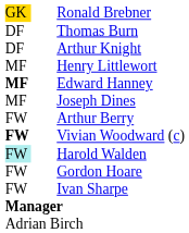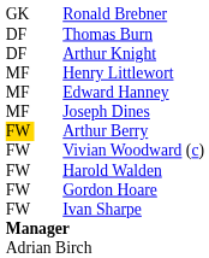 <table style="font-size:90%; margin:0.2em auto;" cellspacing="0" cellpadding="0">
 <tr>
 <th width="25"></th>
 <th width="25"></th>
 </tr>
 <tr>
-<td style="background: gold;">GK</td>
+<td>GK</td>
 <td></td>
 <td><a href='#'>Ronald Brebner</a></td>
 </tr>
 <tr>
 <td>DF</td>
 <td></td>
 <td><a href='#'>Thomas Burn</a></td>
 </tr>
 <tr>
 <td>DF</td>
 <td></td>
 <td><a href='#'>Arthur Knight</a></td>
 </tr>
 <tr>
 <td>MF</td>
 <td></td>
 <td><a href='#'>Henry Littlewort</a></td>
 </tr>
 <tr>
-<td><strong>MF</strong></td>
+<td>MF</td>
 <td></td>
 <td><a href='#'>Edward Hanney</a></td>
 </tr>
 <tr>
 <td>MF</td>
 <td></td>
 <td><a href='#'>Joseph Dines</a></td>
 </tr>
 <tr>
-<td>FW</td>
+<td style="background: gold;">FW</td>
 <td></td>
 <td><a href='#'>Arthur Berry</a></td>
 </tr>
 <tr>
-<td><strong>FW</strong></td>
+<td>FW</td>
 <td></td>
 <td><a href='#'>Vivian Woodward</a> (<a href='#'>c</a>)</td>
 </tr>
 <tr>
-<td style="background: paleturquoise;">FW</td>
+<td>FW</td>
 <td></td>
 <td><a href='#'>Harold Walden</a></td>
 </tr>
 <tr>
 <td>FW</td>
 <td></td>
 <td><a href='#'>Gordon Hoare</a></td>
 </tr>
 <tr>
 <td>FW</td>
 <td></td>
 <td><a href='#'>Ivan Sharpe</a></td>
 </tr>
 <tr>
 <td colspan=3><strong>Manager</strong></td>
 </tr>
 <tr>
 <td colspan=4> Adrian Birch</td>
 </tr>
 </table>
